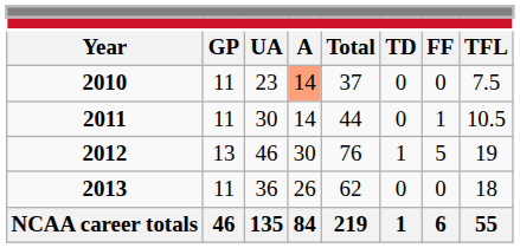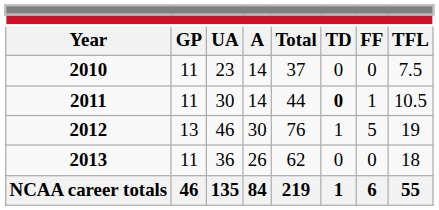 <table class=wikitable style="text-align:center;">
 <tr>
 <td ! colspan="12" style="background:gray; border:2px solid silver; color:white;"></td>
 </tr>
 <tr>
 <td ! colspan="12" style="background: #CE1126; border: 2px solid white; color:white;"></td>
 </tr>
 <tr>
 <th>Year</th>
 <th>GP</th>
 <th>UA</th>
 <th>A</th>
 <th>Total</th>
 <th>TD</th>
 <th>FF</th>
 <th>TFL</th>
 </tr>
 <tr>
 <td><strong>2010</strong></td>
 <td>11</td>
 <td>23</td>
-<td style="background: lightsalmon;">14</td>
+<td>14</td>
 <td>37</td>
 <td>0</td>
 <td>0</td>
 <td>7.5</td>
 </tr>
 <tr>
 <td><strong>2011</strong></td>
 <td>11</td>
 <td>30</td>
 <td>14</td>
 <td>44</td>
-<td>0</td>
+<td><strong>0</strong></td>
 <td>1</td>
 <td>10.5</td>
 </tr>
 <tr>
 <td><strong>2012</strong></td>
 <td>13</td>
 <td>46</td>
 <td>30</td>
 <td>76</td>
 <td>1</td>
 <td>5</td>
 <td>19</td>
 </tr>
 <tr>
 <td><strong>2013</strong></td>
 <td>11</td>
 <td>36</td>
 <td>26</td>
 <td>62</td>
 <td>0</td>
 <td>0</td>
 <td>18</td>
 </tr>
 <tr>
 <th>NCAA career totals</th>
 <th>46</th>
 <th>135</th>
 <th>84</th>
 <th>219</th>
 <th>1</th>
 <th>6</th>
 <th>55</th>
 </tr>
 </table>
